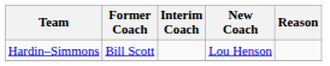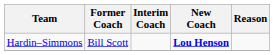 <table class="wikitable" style="text-align:center;">
 <tr>
 <th>Team</th>
 <th>Former<br>Coach</th>
 <th>Interim<br>Coach</th>
 <th>New<br>Coach</th>
 <th>Reason</th>
 </tr>
 <tr>
 <td><a href='#'>Hardin–Simmons</a></td>
 <td><a href='#'>Bill Scott</a></td>
 <td></td>
-<td><a href='#'>Lou Henson</a></td>
+<td><strong><a href='#'>Lou Henson</a></strong></td>
 <td></td>
 </tr>
 <tr>
 </tr>
 </table>
